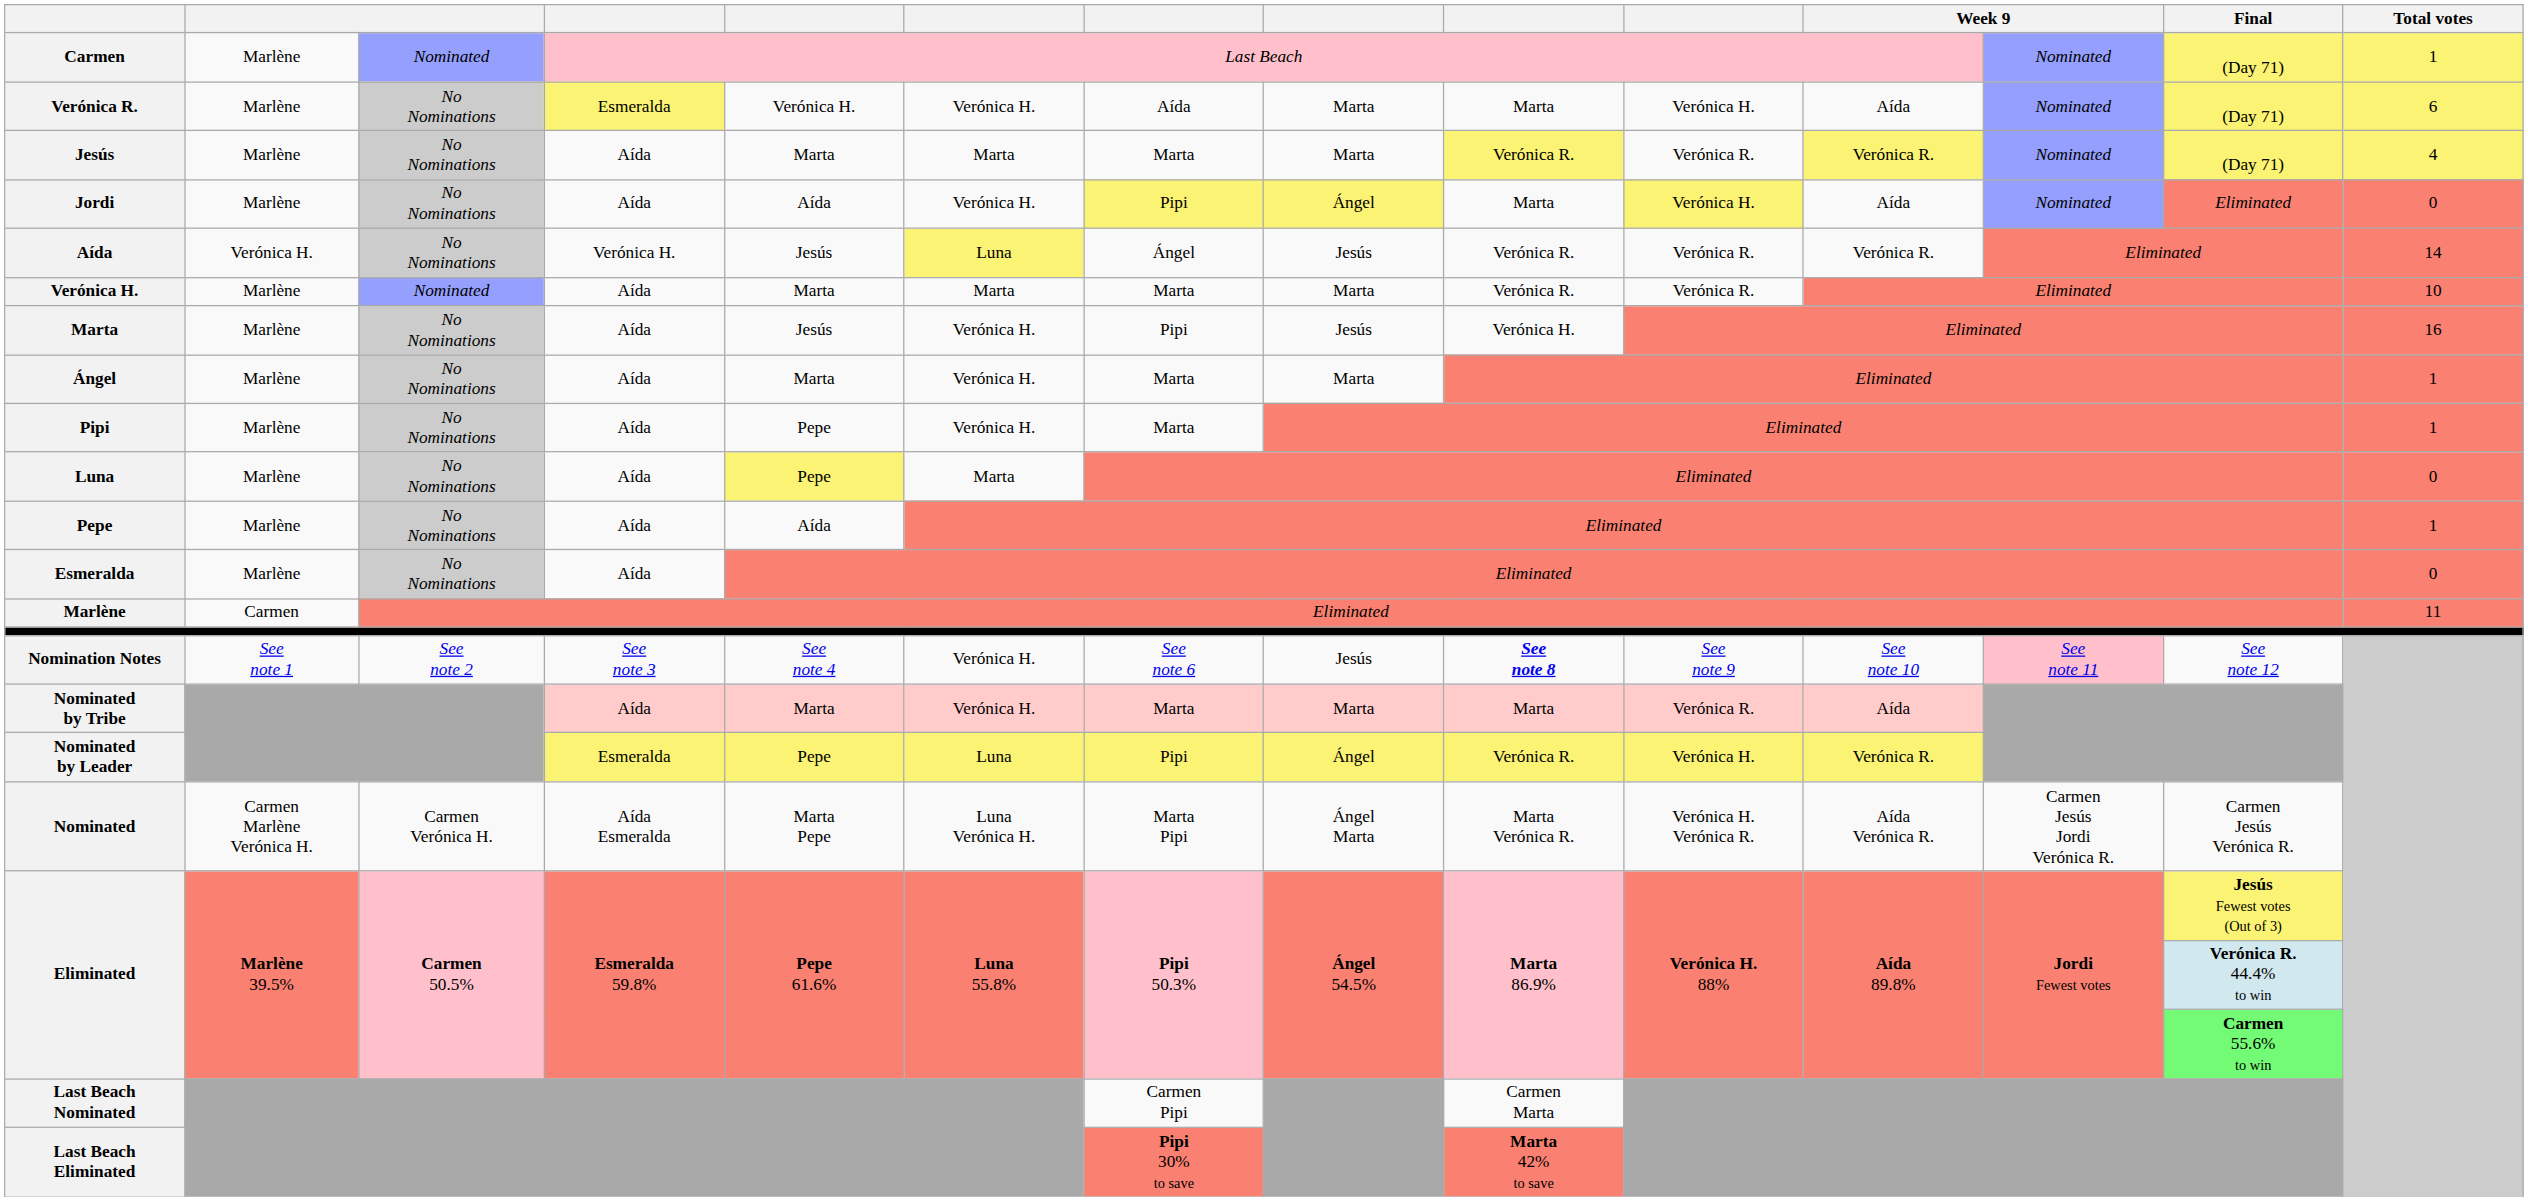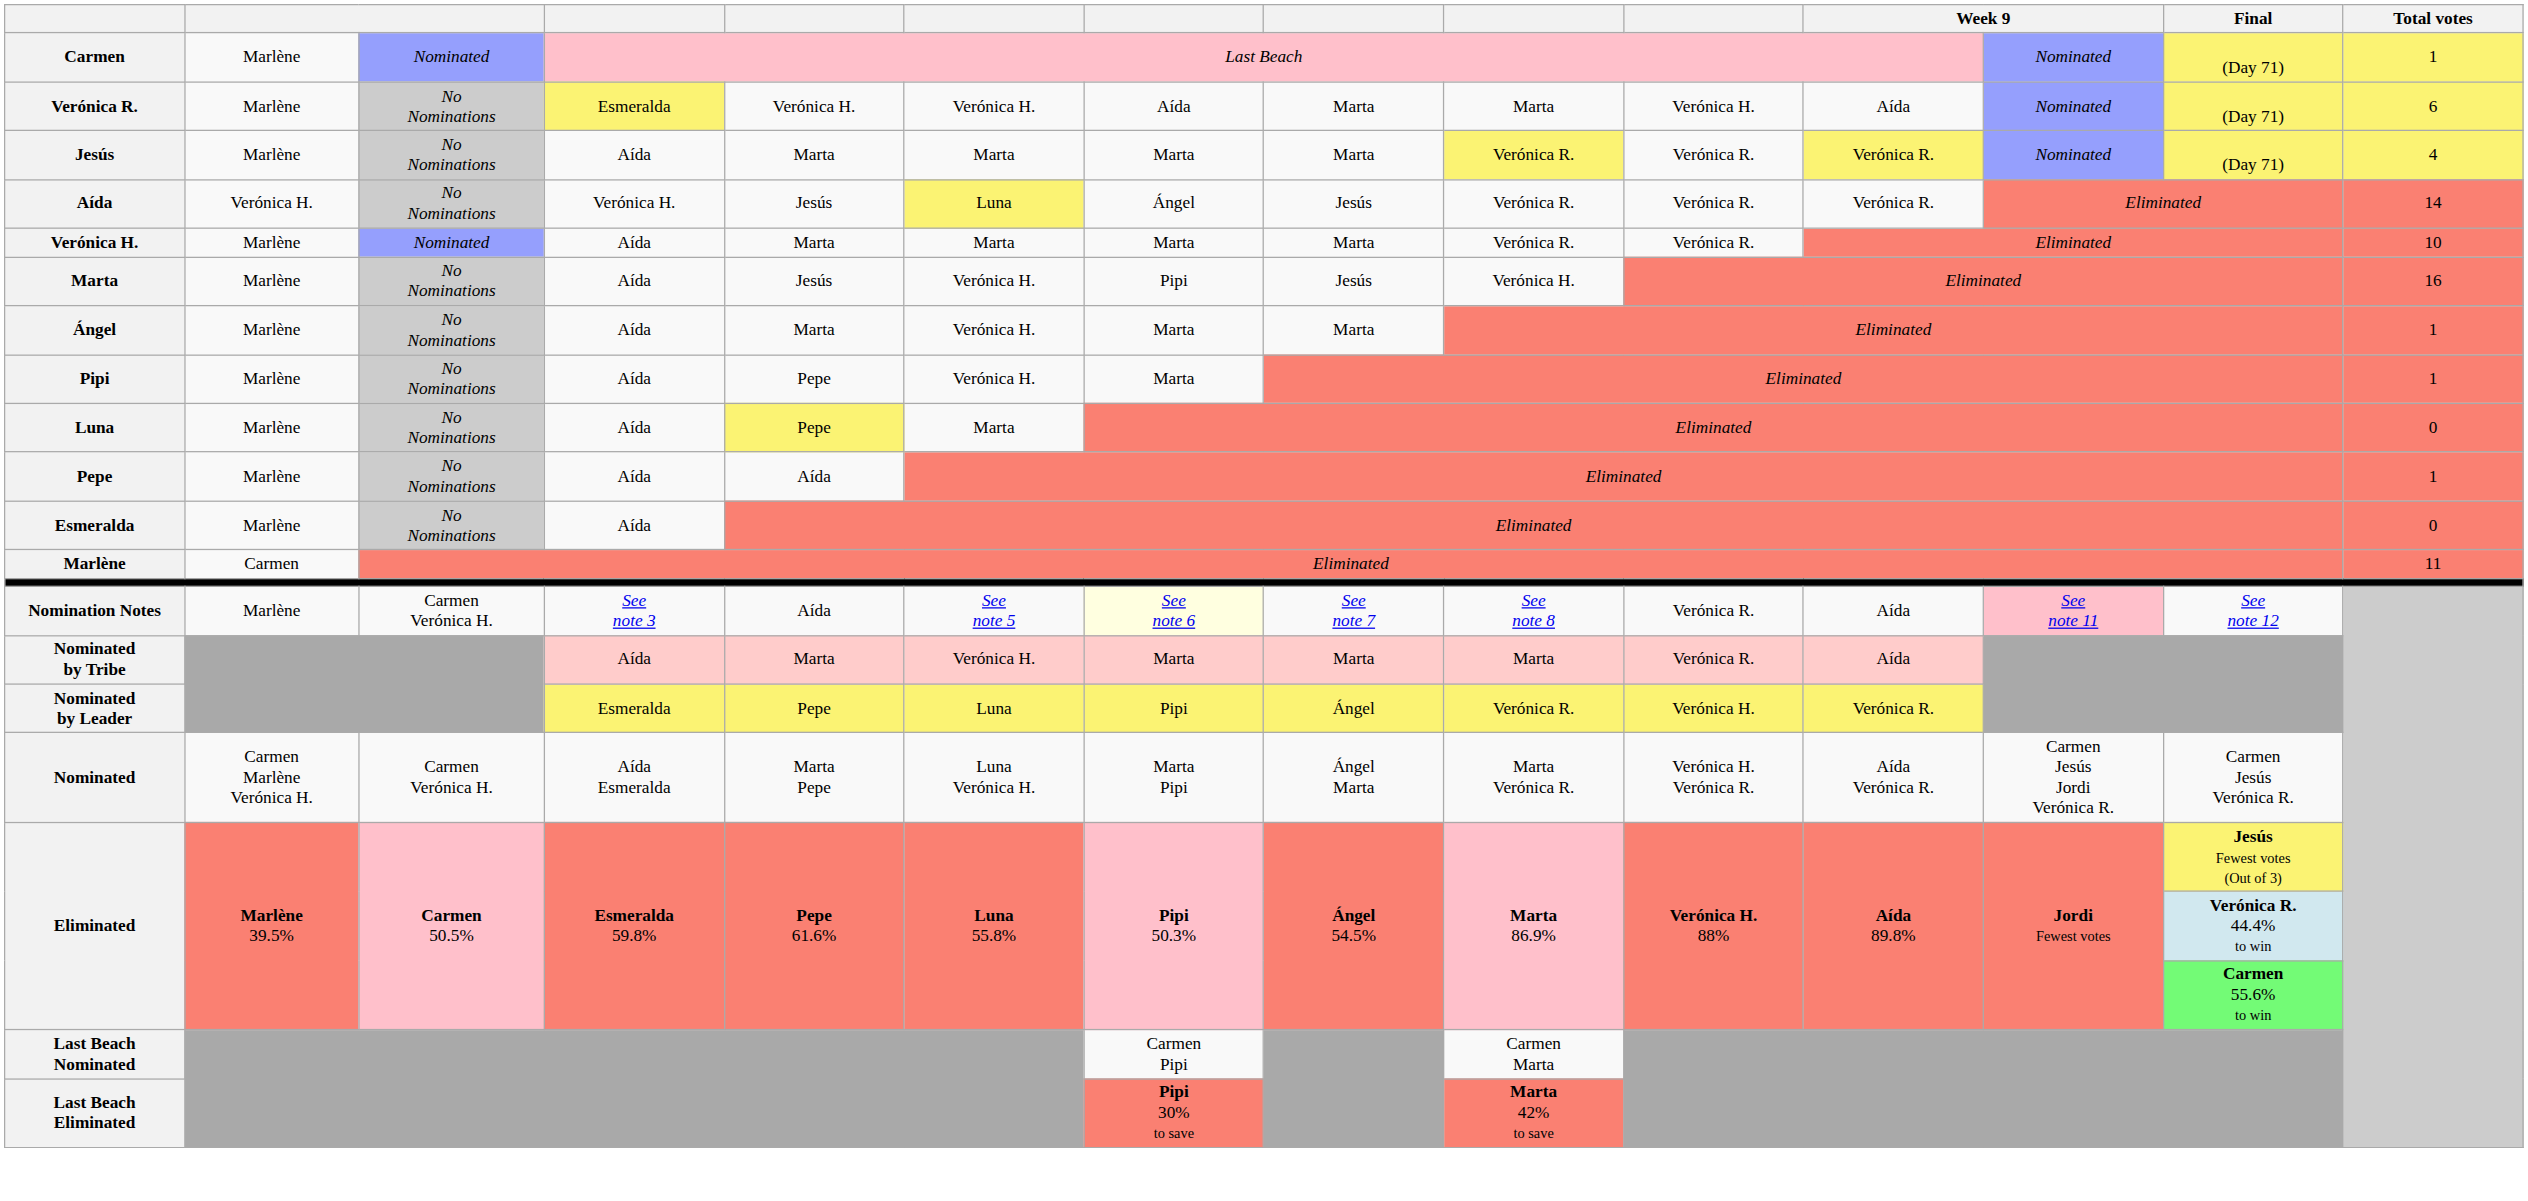 <table class="wikitable" style="font-size:85%; text-align:center; width: 100%;">
 <tr>
 <th ! style="width: 5%;"></th>
 <th colspan="2" style="width: 10%;"></th>
 <th style="width: 5%;"></th>
 <th style="width: 5%;"></th>
 <th style="width: 5%;"></th>
 <th style="width: 5%;"></th>
 <th style="width: 5%;"></th>
 <th style="width: 5%;"></th>
 <th style="width: 5%;"></th>
 <th style="width: 10%;" colspan=2>Week 9</th>
 <th style="width: 5%">Final</th>
 <th style="width: 5%">Total votes</th>
 </tr>
 <tr>
 <th>Carmen</th>
 <td>Marlène</td>
 <td style="background-color: rgb(149, 159, 253);"><em>Nominated</em></td>
 <td style="background:pink; text align:center" colspan="8"><em>Last Beach</em></td>
 <td style="background:#959FFD; text-align:center"><em>Nominated</em></td>
 <td style="background:#FBF373;"><strong></strong><br>(Day 71)</td>
 <td style="background:#FBF373; text-align:center">1</td>
 </tr>
 <tr>
 <th>Verónica R.</th>
 <td>Marlène</td>
 <td style="background:#CCC;"><em>No<br>Nominations</em></td>
 <td bgcolor="#FBF373">Esmeralda</td>
 <td>Verónica H.</td>
 <td>Verónica H.</td>
 <td>Aída</td>
 <td>Marta</td>
 <td>Marta</td>
 <td>Verónica H.</td>
 <td>Aída</td>
 <td style="background:#959FFD; text-align:center"><em>Nominated</em></td>
 <td style="background:#FBF373;"><strong></strong><br>(Day 71)</td>
 <td style="background:#FBF373; text-align:center">6</td>
 </tr>
 <tr>
 <th>Jesús</th>
 <td>Marlène</td>
 <td style="background:#CCC;"><em>No<br>Nominations</em></td>
 <td>Aída</td>
 <td>Marta</td>
 <td>Marta</td>
 <td>Marta</td>
 <td>Marta</td>
 <td bgcolor="#FBF373">Verónica R.</td>
 <td>Verónica R.</td>
 <td bgcolor="#FBF373">Verónica R.</td>
 <td style="background:#959FFD; text-align:center"><em>Nominated</em></td>
 <td style="background:#FBF373;"><strong></strong><br>(Day 71)</td>
 <td style="background:#FBF373; text-align:center">4</td>
-</tr>
-<tr>
-<th>Jordi</th>
-<td>Marlène</td>
-<td style="background:#CCC;"><em>No<br>Nominations</em></td>
-<td>Aída</td>
-<td>Aída</td>
-<td>Verónica H.</td>
-<td bgcolor="#FBF373">Pipi</td>
-<td bgcolor="#FBF373">Ángel</td>
-<td>Marta</td>
-<td bgcolor="#FBF373">Verónica H.</td>
-<td>Aída</td>
-<td style="background:#959FFD; text-align:center"><em>Nominated</em></td>
-<td style="background:#fa8072; text-align:center"><em>Eliminated</em><br></td>
-<td style="background:#fa8072; text-align:center">0</td>
 </tr>
 <tr>
 <th>Aída</th>
 <td>Verónica H.</td>
 <td style="background:#CCC;"><em>No<br>Nominations</em></td>
 <td>Verónica H.</td>
 <td>Jesús</td>
 <td bgcolor="#FBF373">Luna</td>
 <td>Ángel</td>
 <td>Jesús</td>
 <td>Verónica R.</td>
 <td>Verónica R.</td>
 <td>Verónica R.</td>
 <td style="background:#fa8072; text-align:center" colspan="2"><em>Eliminated</em><br></td>
 <td style="background:#fa8072; text-align:center">14</td>
 </tr>
 <tr>
 <th>Verónica H.</th>
 <td>Marlène</td>
 <td style="background-color: rgb(149, 159, 253);"><em>Nominated</em></td>
 <td>Aída</td>
 <td>Marta</td>
 <td>Marta</td>
 <td>Marta</td>
 <td>Marta</td>
 <td>Verónica R.</td>
 <td>Verónica R.</td>
 <td style="background:#fa8072; text-align:center" colspan="3"><em>Eliminated</em><br></td>
 <td style="background:#fa8072; text-align:center">10</td>
 </tr>
 <tr>
 <th>Marta</th>
 <td>Marlène</td>
 <td style="background:#CCC;"><em>No<br>Nominations</em></td>
 <td>Aída</td>
 <td>Jesús</td>
 <td>Verónica H.</td>
 <td>Pipi</td>
 <td>Jesús</td>
 <td>Verónica H.</td>
 <td style="background:#fa8072; text-align:center" colspan="4"><em>Eliminated</em><br></td>
 <td style="background:#fa8072; text-align:center">16</td>
 </tr>
 <tr>
 <th>Ángel</th>
 <td>Marlène</td>
 <td style="background:#CCC;"><em>No<br>Nominations</em></td>
 <td>Aída</td>
 <td>Marta</td>
 <td>Verónica H.</td>
 <td>Marta</td>
 <td>Marta</td>
 <td style="background:#fa8072; text-align:center" colspan="5"><em>Eliminated</em><br></td>
 <td style="background:#fa8072; text-align:center">1</td>
 </tr>
 <tr>
 <th>Pipi</th>
 <td>Marlène</td>
 <td style="background:#CCC;"><em>No<br>Nominations</em></td>
 <td>Aída</td>
 <td>Pepe</td>
 <td>Verónica H.</td>
 <td>Marta</td>
 <td style="background:#fa8072; text-align:center" colspan="6"><em>Eliminated</em><br></td>
 <td style="background:#fa8072; text-align:center">1</td>
 </tr>
 <tr>
 <th>Luna</th>
 <td>Marlène</td>
 <td style="background:#CCC;"><em>No<br>Nominations</em></td>
 <td>Aída</td>
 <td bgcolor="#FBF373">Pepe</td>
 <td>Marta</td>
 <td style="background:#fa8072; text-align:center" colspan="7"><em>Eliminated</em><br></td>
 <td style="background:#fa8072; text-align:center">0</td>
 </tr>
 <tr>
 <th>Pepe</th>
 <td>Marlène</td>
 <td style="background:#CCC;"><em>No<br>Nominations</em></td>
 <td>Aída</td>
 <td>Aída</td>
 <td style="background:#fa8072; text-align:center" colspan="8"><em>Eliminated</em><br></td>
 <td style="background:#fa8072; text-align:center">1</td>
 </tr>
 <tr>
 <th>Esmeralda</th>
 <td>Marlène</td>
 <td style="background:#CCC;"><em>No<br>Nominations</em></td>
 <td>Aída</td>
 <td style="background:#fa8072; text-align:center" colspan="9"><em>Eliminated</em><br></td>
 <td style="background:#fa8072; text-align:center">0</td>
 </tr>
 <tr>
 <th>Marlène</th>
 <td>Carmen</td>
 <td colspan="11" style="background:#fa8072; text-align:center"><em>Eliminated</em><br></td>
 <td style="background:#fa8072; text-align:center">11</td>
 </tr>
 <tr>
 <th style="background:#000000;" colspan="14"></th>
 </tr>
 <tr>
 <th>Nomination Notes</th>
-<td><em><a href='#'>See<br>note 1</a></em></td>
-<td><em><a href='#'>See<br>note 2</a></em></td>
+<td>Marlène</td>
+<td>Carmen<br>Verónica H.</td>
 <td><em><a href='#'>See<br>note 3</a></em></td>
-<td><em><a href='#'>See<br>note 4</a></em></td>
-<td>Verónica H.</td>
-<td><em><a href='#'>See<br>note 6</a></em></td>
-<td>Jesús</td>
-<td><strong><em><a href='#'>See<br>note 8</a></em></strong></td>
-<td><em><a href='#'>See<br>note 9</a></em></td>
-<td><em><a href='#'>See<br>note 10</a></em></td>
+<td>Aída</td>
+<td><em><a href='#'>See<br>note 5</a></em></td>
+<td style="background: lightyellow;"><em><a href='#'>See<br>note 6</a></em></td>
+<td><em><a href='#'>See<br>note 7</a></em></td>
+<td><em><a href='#'>See<br>note 8</a></em></td>
+<td>Verónica R.</td>
+<td>Aída</td>
 <td style="background: pink;"><em><a href='#'>See<br>note 11</a></em></td>
 <td><em><a href='#'>See<br>note 12</a></em></td>
 <td rowspan="9" style="background-color: #CCCCCC;"></td>
 </tr>
 <tr>
 <th>Nominated<br>by Tribe</th>
 <td colspan="2" rowspan="2" style="background-color: darkgray;"></td>
 <td bgcolor="#ffcccb">Aída</td>
 <td bgcolor="#ffcccb">Marta</td>
 <td bgcolor="#ffcccb">Verónica H.</td>
 <td bgcolor="#ffcccb">Marta</td>
 <td bgcolor="#ffcccb">Marta</td>
 <td bgcolor="#ffcccb">Marta</td>
 <td bgcolor="#ffcccb">Verónica R.</td>
 <td bgcolor="#ffcccb">Aída</td>
 <td rowspan=2 colspan=2 bgcolor="darkgray"></td>
 </tr>
 <tr>
 <th>Nominated<br>by Leader</th>
 <td bgcolor="#FBF373">Esmeralda</td>
 <td bgcolor="#FBF373">Pepe</td>
 <td bgcolor="#FBF373">Luna</td>
 <td bgcolor="#FBF373">Pipi</td>
 <td bgcolor="#FBF373">Ángel</td>
 <td bgcolor="#FBF373">Verónica R.</td>
 <td bgcolor="#FBF373">Verónica H.</td>
 <td bgcolor="#FBF373">Verónica R.</td>
 </tr>
 <tr>
 <th>Nominated</th>
 <td>Carmen<br>Marlène<br>Verónica H.</td>
 <td>Carmen<br>Verónica H.</td>
 <td>Aída<br>Esmeralda</td>
 <td>Marta<br>Pepe</td>
 <td>Luna<br>Verónica H.</td>
 <td>Marta<br>Pipi</td>
 <td>Ángel<br>Marta</td>
 <td>Marta<br>Verónica R.</td>
 <td>Verónica H.<br>Verónica R.</td>
 <td>Aída<br>Verónica R.</td>
 <td>Carmen<br>Jesús<br>Jordi<br>Verónica R.</td>
 <td>Carmen<br>Jesús<br>Verónica R.</td>
 </tr>
 <tr>
 <th rowspan=3>Eliminated</th>
 <td rowspan="3" style="background:#fa8072; text-align:center"><strong>Marlène</strong><br>39.5%<br><small></small></td>
 <td rowspan="3" style="background:pink; text-align:center"><strong>Carmen</strong><br>50.5%<br><small></small></td>
 <td rowspan=3 style="background:#FA8072"><strong>Esmeralda</strong><br>59.8%<br><small></small></td>
 <td rowspan=3 style="background:#FA8072"><strong>Pepe</strong><br>61.6%<br><small></small></td>
 <td rowspan=3 style="background:#FA8072"><strong>Luna</strong><br>55.8%<br><small></small></td>
 <td rowspan="3" style="background:pink"><strong>Pipi</strong><br>50.3%<br><small></small></td>
 <td rowspan="3" style="background:#fa8072; text-align:center"><strong>Ángel</strong><br>54.5%<br><small></small></td>
 <td rowspan="3" style="background:pink"><strong>Marta</strong><br>86.9%<br><small></small></td>
 <td rowspan=3 style="background:#FA8072"><strong>Verónica H.</strong><br>88%<br><small></small></td>
 <td rowspan=3 style="background:#FA8072"><strong>Aída</strong><br>89.8%<br><small></small></td>
 <td rowspan=3 style="background:#FA8072"><strong>Jordi</strong><br><small>Fewest votes<br></small></td>
 <td style="background:#FBF373"><strong>Jesús</strong><br><small>Fewest votes<br>(Out of 3)</small></td>
 </tr>
 <tr>
 <td style="background:#D1E8EF"><strong>Verónica R.</strong><br>44.4%<br><small>to win</small></td>
 </tr>
 <tr>
 <td style="background:#73FB76;"><strong>Carmen</strong><br>55.6%<br><small>to win</small></td>
 </tr>
 <tr>
 <th>Last Beach<br>Nominated</th>
 <td colspan="5" rowspan="2" style="background-color: darkgray;"></td>
 <td>Carmen<br>Pipi</td>
 <td rowspan="2" style="background-color: darkgray;"></td>
 <td>Carmen<br>Marta</td>
 <td colspan="4" rowspan="2" style="background-color: darkgray;"></td>
 </tr>
 <tr>
 <th>Last Beach<br>Eliminated</th>
 <td style="background:#FA8072;"><strong>Pipi</strong><br>30%<br><small>to save</small></td>
 <td style="background:#FA8072;"><strong>Marta</strong><br>42%<br><small>to save</small></td>
 </tr>
 </table>
